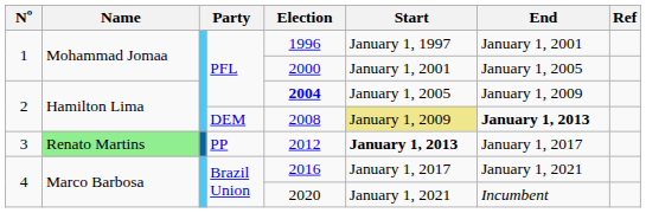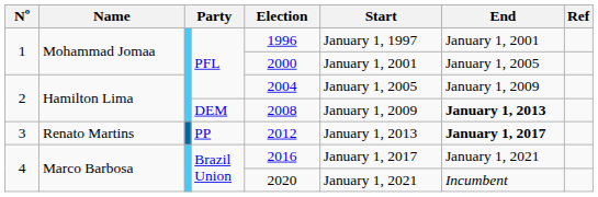 <table class="wikitable">
 <tr>
 <th width="30">Nº</th>
 <th width="150">Name</th>
 <th width="50" colspan="2">Party</th>
 <th width="75">Election</th>
 <th width="125">Start</th>
 <th width="125">End</th>
 <th>Ref</th>
 </tr>
 <tr>
 <td rowspan="2" align=center>1</td>
 <td rowspan="2">Mohammad Jomaa</td>
 <td rowspan="4" bgcolor=40ccff></td>
 <td rowspan="3" width="50"><a href='#'>PFL</a></td>
 <td align=center><a href='#'>1996</a></td>
 <td>January 1, 1997</td>
 <td>January 1, 2001</td>
 <td align=center></td>
 </tr>
 <tr>
 <td align=center><a href='#'>2000</a></td>
 <td>January 1, 2001</td>
 <td>January 1, 2005</td>
 <td align=center></td>
 </tr>
 <tr>
 <td rowspan="2" align=center>2</td>
 <td rowspan="2">Hamilton Lima</td>
-<td align=center><strong><a href='#'>2004</a></strong></td>
+<td align=center><a href='#'>2004</a></td>
 <td>January 1, 2005</td>
 <td>January 1, 2009</td>
 <td align=center></td>
 </tr>
 <tr>
 <td width="50"><a href='#'>DEM</a></td>
 <td align=center><a href='#'>2008</a></td>
-<td style="background: khaki;">January 1, 2009</td>
+<td>January 1, 2009</td>
 <td><strong>January 1, 2013</strong></td>
 <td align=center></td>
 </tr>
 <tr>
 <td align=center>3</td>
-<td style="background: lightgreen;">Renato Martins</td>
+<td>Renato Martins</td>
 <td bgcolor=0067A5></td>
 <td width="50"><a href='#'>PP</a></td>
 <td align=center><a href='#'>2012</a></td>
-<td><strong>January 1, 2013</strong></td>
-<td>January 1, 2017</td>
+<td>January 1, 2013</td>
+<td><strong>January 1, 2017</strong></td>
 <td align=center></td>
 </tr>
 <tr>
 <td rowspan="2" align=center>4</td>
 <td rowspan="2">Marco Barbosa</td>
 <td rowspan="2" bgcolor=40ccff></td>
 <td rowspan="2" width="50"><a href='#'>Brazil Union</a></td>
 <td align=center><a href='#'>2016</a></td>
 <td>January 1, 2017</td>
 <td>January 1, 2021</td>
 <td align=center></td>
 </tr>
 <tr>
 <td align=center>2020</td>
 <td>January 1, 2021</td>
 <td><em>Incumbent</em></td>
 <td align=center></td>
 </tr>
 </table>
